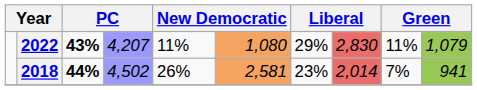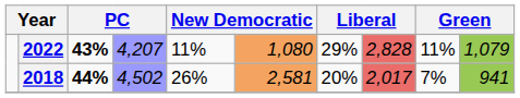 <table class="wikitable" style="float:right; width:400; font-size:90%; margin-left:1em;">
 <tr>
 <th colspan="2" scope="col">Year</th>
 <th colspan="2" scope="col"><a href='#'>PC</a></th>
 <th colspan="2" scope="col"><a href='#'>New Democratic</a></th>
 <th colspan="2" scope="col"><a href='#'>Liberal</a></th>
 <th colspan="2" scope="col"><a href='#'>Green</a></th>
 </tr>
 <tr>
 <td rowspan="2" style="width: 0.25em; background-color: "></td>
 <th><a href='#'>2022</a></th>
 <td><strong>43%</strong></td>
 <td style="text-align:right; background:#9999FF;"><em>4,207</em></td>
 <td>11%</td>
 <td style="text-align:right; background:#F4A460;"><em>1,080</em></td>
 <td>29%</td>
-<td style="text-align:right; background:#EA6D6A;"><em>2,830</em></td>
+<td style="text-align:right; background:#EA6D6A;"><em>2,828</em></td>
 <td>11%</td>
 <td style="text-align:right; background:#99C955;"><em>1,079</em></td>
 </tr>
 <tr>
 <th><a href='#'>2018</a></th>
 <td><strong>44%</strong></td>
 <td style="text-align:right; background:#9999FF;"><em>4,502</em></td>
 <td>26%</td>
 <td style="text-align:right; background:#F4A460;"><em>2,581</em></td>
-<td>23%</td>
-<td style="text-align:right; background:#EA6D6A;"><em>2,014</em></td>
+<td>20%</td>
+<td style="text-align:right; background:#EA6D6A;"><em>2,017</em></td>
 <td>7%</td>
 <td style="text-align:right; background:#99C955;"><em>941</em></td>
 </tr>
 <tr>
 </tr>
 </table>
